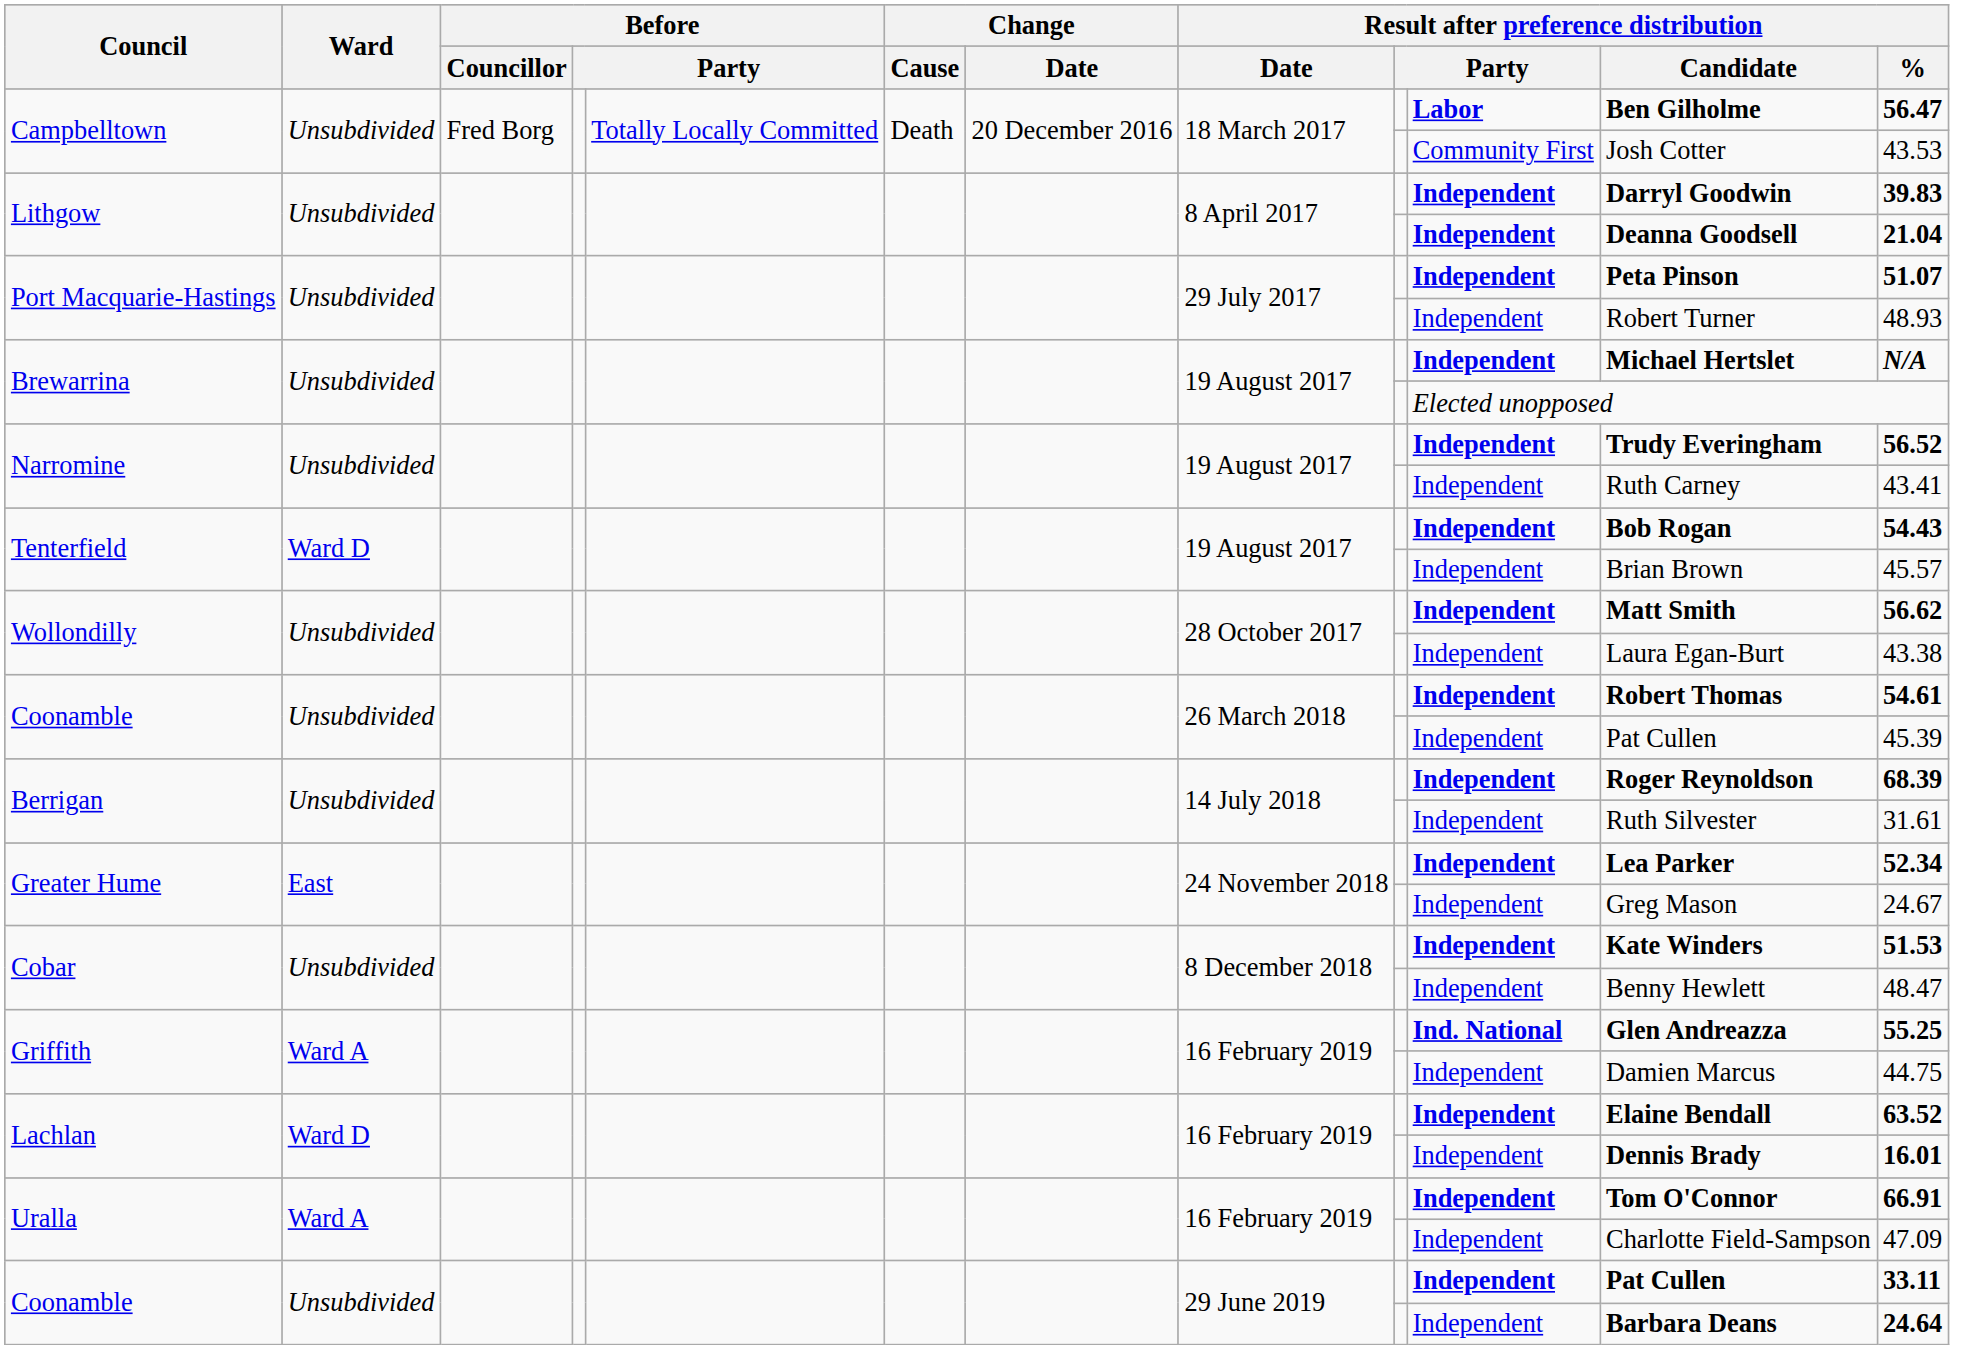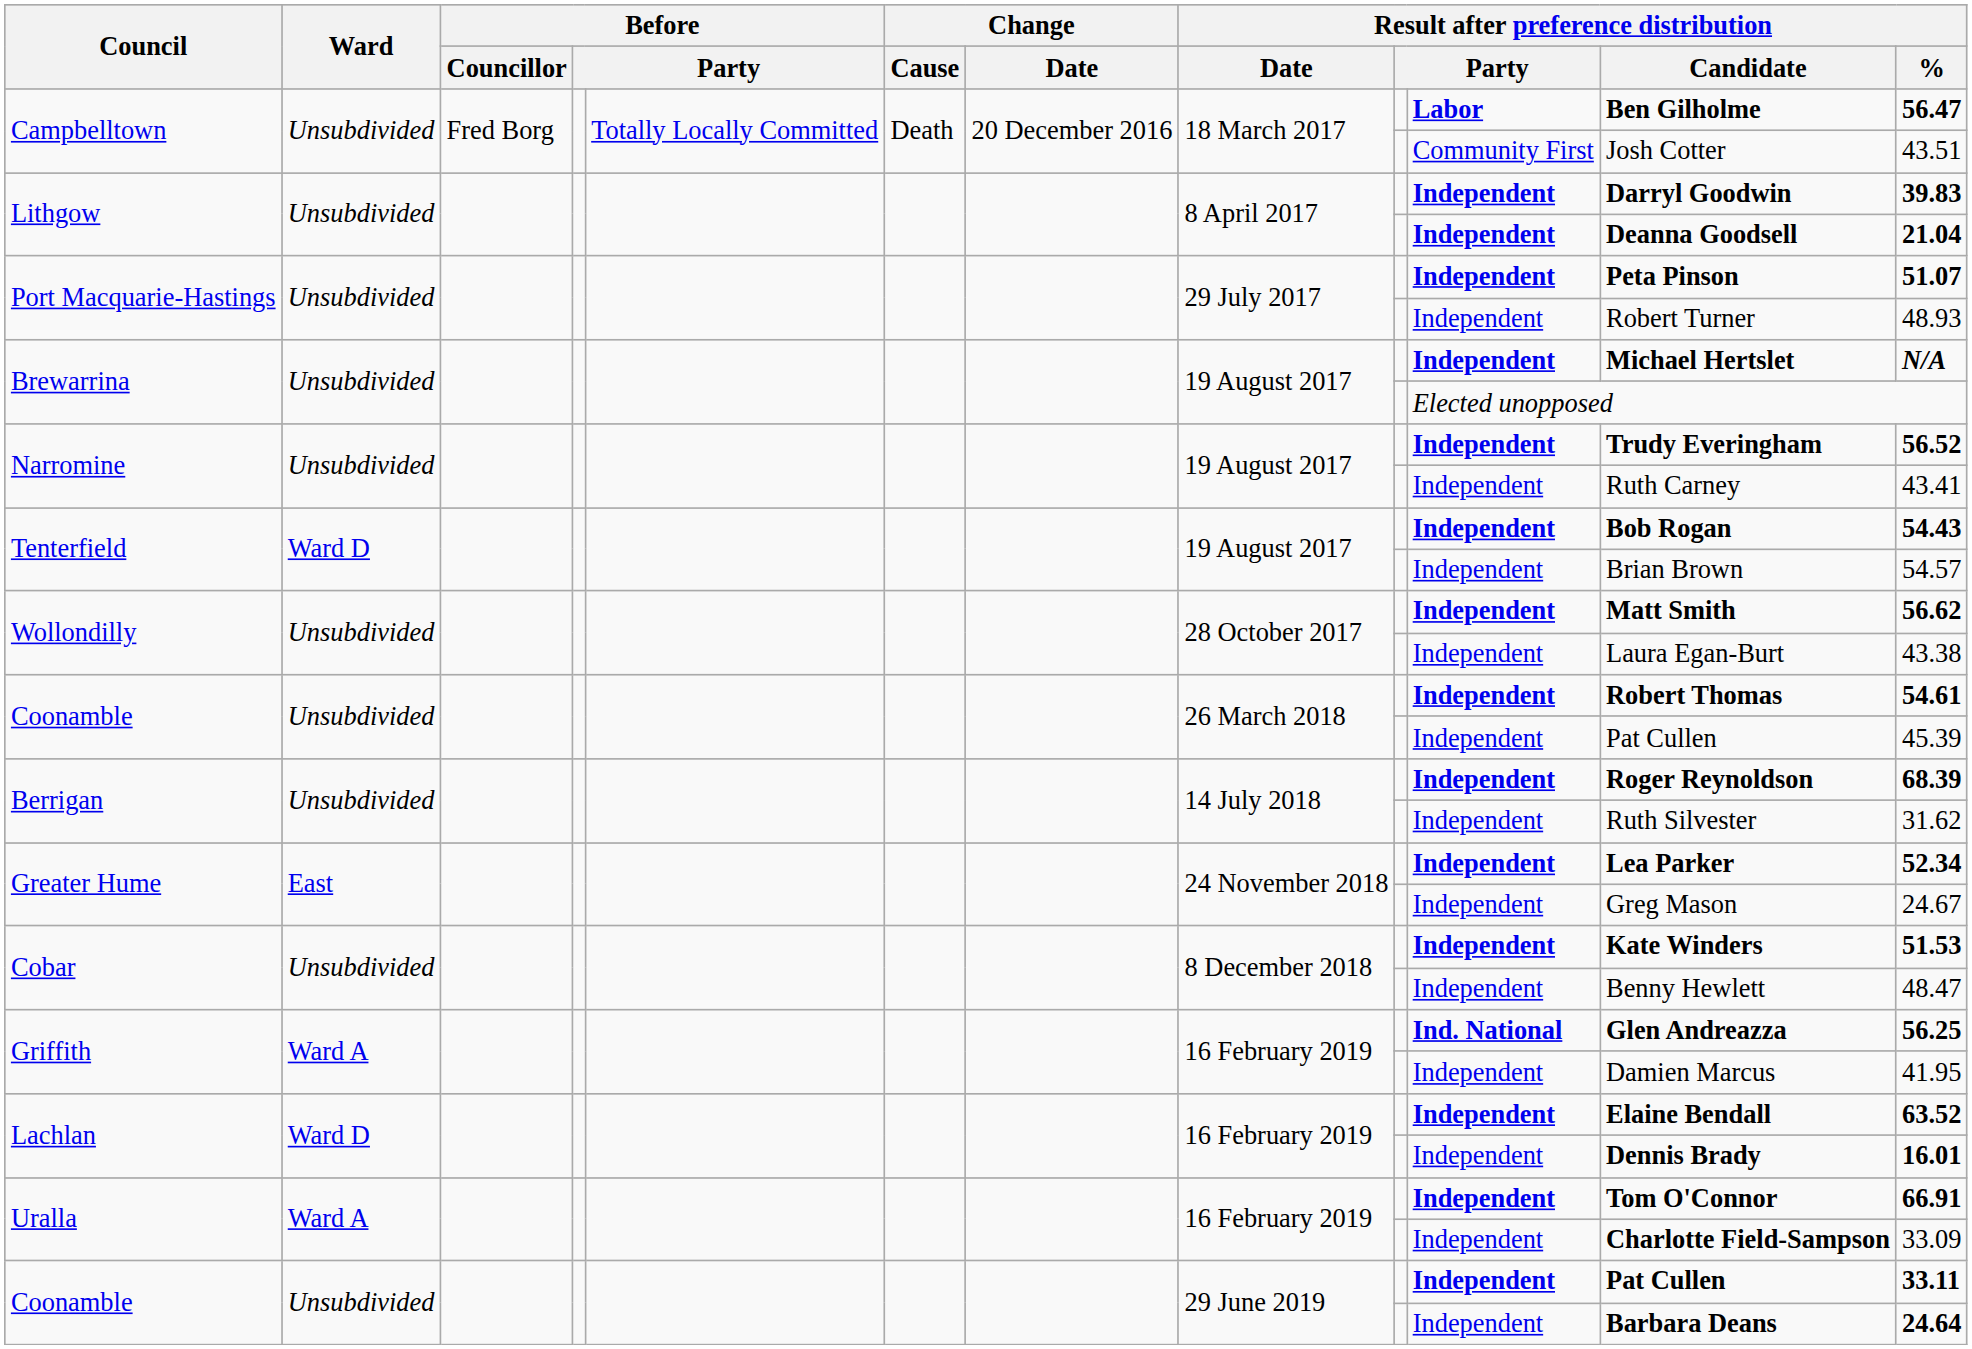 <table class="wikitable sortable" style="border: none;">
 <tr>
 <th rowspan="2">Council</th>
 <th rowspan="2">Ward</th>
 <th colspan="3">Before</th>
 <th colspan="2">Change</th>
 <th colspan="7">Result after <a href='#'>preference distribution</a></th>
 </tr>
 <tr>
 <th>Councillor</th>
 <th colspan="2">Party</th>
 <th>Cause</th>
 <th>Date</th>
 <th>Date</th>
 <th colspan="2">Party</th>
 <th>Candidate</th>
 <th>%</th>
 </tr>
 <tr>
 <td rowspan="2"><a href='#'>Campbelltown</a></td>
 <td rowspan="2"><em>Unsubdivided</em></td>
 <td rowspan="2">Fred Borg</td>
 <td rowspan="2" ></td>
 <td rowspan="2"><a href='#'>Totally Locally Committed</a></td>
 <td rowspan="2">Death</td>
 <td rowspan="2">20 December 2016</td>
 <td rowspan="2">18 March 2017</td>
 <td></td>
 <td><strong><a href='#'>Labor</a> </strong></td>
 <td><strong>Ben Gilholme</strong></td>
 <td><strong>56.47</strong></td>
 </tr>
 <tr>
 <td></td>
 <td><a href='#'>Community First</a></td>
 <td>Josh Cotter</td>
-<td>43.53</td>
+<td>43.51</td>
 </tr>
 <tr>
 <td rowspan="2"><a href='#'>Lithgow</a></td>
 <td rowspan="2"><em>Unsubdivided</em></td>
 <td rowspan="2"></td>
 <td rowspan="2" ></td>
 <td rowspan="2"></td>
 <td rowspan="2"></td>
 <td rowspan="2"></td>
 <td rowspan="2">8 April 2017</td>
 <td></td>
 <td><strong><a href='#'>Independent</a></strong></td>
 <td><strong>Darryl Goodwin</strong></td>
 <td><strong>39.83</strong></td>
 </tr>
 <tr>
 <td></td>
 <td><strong><a href='#'>Independent</a></strong></td>
 <td><strong>Deanna Goodsell</strong></td>
 <td><strong>21.04</strong></td>
 </tr>
 <tr>
 <td rowspan="2"><a href='#'>Port Macquarie-Hastings</a></td>
 <td rowspan="2"><em>Unsubdivided</em></td>
 <td rowspan="2"></td>
 <td rowspan="2" ></td>
 <td rowspan="2"></td>
 <td rowspan="2"></td>
 <td rowspan="2"></td>
 <td rowspan="2">29 July 2017</td>
 <td></td>
 <td><strong><a href='#'>Independent</a></strong></td>
 <td><strong>Peta Pinson</strong></td>
 <td><strong>51.07</strong></td>
 </tr>
 <tr>
 <td></td>
 <td><a href='#'>Independent</a></td>
 <td>Robert Turner</td>
 <td>48.93</td>
 </tr>
 <tr>
 <td rowspan="2"><a href='#'>Brewarrina</a></td>
 <td rowspan="2"><em>Unsubdivided</em></td>
 <td rowspan="2"></td>
 <td rowspan="2" ></td>
 <td rowspan="2"></td>
 <td rowspan="2"></td>
 <td rowspan="2"></td>
 <td rowspan="2">19 August 2017</td>
 <td></td>
 <td><strong><a href='#'>Independent</a></strong></td>
 <td><strong>Michael Hertslet</strong></td>
 <td><strong><em>N/A</em></strong></td>
 </tr>
 <tr>
 <td></td>
 <td colspan="3"><em>Elected unopposed</em></td>
 </tr>
 <tr>
 <td rowspan="2"><a href='#'>Narromine</a></td>
 <td rowspan="2"><em>Unsubdivided</em></td>
 <td rowspan="2"></td>
 <td rowspan="2" ></td>
 <td rowspan="2"></td>
 <td rowspan="2"></td>
 <td rowspan="2"></td>
 <td rowspan="2">19 August 2017</td>
 <td></td>
 <td><strong><a href='#'>Independent</a></strong></td>
 <td><strong>Trudy Everingham</strong></td>
 <td><strong>56.52</strong></td>
 </tr>
 <tr>
 <td></td>
 <td><a href='#'>Independent</a></td>
 <td>Ruth Carney</td>
 <td>43.41</td>
 </tr>
 <tr>
 <td rowspan="2"><a href='#'>Tenterfield</a></td>
 <td rowspan="2"><a href='#'>Ward D</a></td>
 <td rowspan="2"></td>
 <td rowspan="2" ></td>
 <td rowspan="2"></td>
 <td rowspan="2"></td>
 <td rowspan="2"></td>
 <td rowspan="2">19 August 2017</td>
 <td></td>
 <td><strong><a href='#'>Independent</a></strong></td>
 <td><strong>Bob Rogan</strong></td>
 <td><strong>54.43</strong></td>
 </tr>
 <tr>
 <td></td>
 <td><a href='#'>Independent</a></td>
 <td>Brian Brown</td>
-<td>45.57</td>
+<td>54.57</td>
 </tr>
 <tr>
 <td rowspan="2"><a href='#'>Wollondilly</a></td>
 <td rowspan="2"><em>Unsubdivided</em></td>
 <td rowspan="2"></td>
 <td rowspan="2" ></td>
 <td rowspan="2"></td>
 <td rowspan="2"></td>
 <td rowspan="2"></td>
 <td rowspan="2">28 October 2017</td>
 <td></td>
 <td><strong><a href='#'>Independent</a></strong></td>
 <td><strong>Matt Smith</strong></td>
 <td><strong>56.62</strong></td>
 </tr>
 <tr>
 <td></td>
 <td><a href='#'>Independent</a></td>
 <td>Laura Egan-Burt</td>
 <td>43.38</td>
 </tr>
 <tr>
 <td rowspan="2"><a href='#'>Coonamble</a></td>
 <td rowspan="2"><em>Unsubdivided</em></td>
 <td rowspan="2"></td>
 <td rowspan="2" ></td>
 <td rowspan="2"></td>
 <td rowspan="2"></td>
 <td rowspan="2"></td>
 <td rowspan="2">26 March 2018</td>
 <td></td>
 <td><strong><a href='#'>Independent</a></strong></td>
 <td><strong>Robert Thomas</strong></td>
 <td><strong>54.61</strong></td>
 </tr>
 <tr>
 <td></td>
 <td><a href='#'>Independent</a></td>
 <td>Pat Cullen</td>
 <td>45.39</td>
 </tr>
 <tr>
 <td rowspan="2"><a href='#'>Berrigan</a></td>
 <td rowspan="2"><em>Unsubdivided</em></td>
 <td rowspan="2"></td>
 <td rowspan="2" ></td>
 <td rowspan="2"></td>
 <td rowspan="2"></td>
 <td rowspan="2"></td>
 <td rowspan="2">14 July 2018</td>
 <td></td>
 <td><strong><a href='#'>Independent</a></strong></td>
 <td><strong>Roger Reynoldson</strong></td>
 <td><strong>68.39</strong></td>
 </tr>
 <tr>
 <td></td>
 <td><a href='#'>Independent</a></td>
 <td>Ruth Silvester</td>
-<td>31.61</td>
+<td>31.62</td>
 </tr>
 <tr>
 <td rowspan="2"><a href='#'>Greater Hume</a></td>
 <td rowspan="2"><a href='#'>East</a></td>
 <td rowspan="2"></td>
 <td rowspan="2" ></td>
 <td rowspan="2"></td>
 <td rowspan="2"></td>
 <td rowspan="2"></td>
 <td rowspan="2">24 November 2018</td>
 <td></td>
 <td><strong><a href='#'>Independent</a></strong></td>
 <td><strong>Lea Parker</strong></td>
 <td><strong>52.34</strong></td>
 </tr>
 <tr>
 <td></td>
 <td><a href='#'>Independent</a></td>
 <td>Greg Mason</td>
 <td>24.67</td>
 </tr>
 <tr>
 <td rowspan="2"><a href='#'>Cobar</a></td>
 <td rowspan="2"><em>Unsubdivided</em></td>
 <td rowspan="2"></td>
 <td rowspan="2" ></td>
 <td rowspan="2"></td>
 <td rowspan="2"></td>
 <td rowspan="2"></td>
 <td rowspan="2">8 December 2018</td>
 <td></td>
 <td><strong><a href='#'>Independent</a></strong></td>
 <td><strong>Kate Winders</strong></td>
 <td><strong>51.53</strong></td>
 </tr>
 <tr>
 <td></td>
 <td><a href='#'>Independent</a></td>
 <td>Benny Hewlett</td>
 <td>48.47</td>
 </tr>
 <tr>
 <td rowspan="2"><a href='#'>Griffith</a></td>
 <td rowspan="2"><a href='#'>Ward A</a></td>
 <td rowspan="2"></td>
 <td rowspan="2" ></td>
 <td rowspan="2"></td>
 <td rowspan="2"></td>
 <td rowspan="2"></td>
 <td rowspan="2">16 February 2019</td>
 <td></td>
 <td><strong><a href='#'>Ind. National</a></strong></td>
 <td><strong>Glen Andreazza</strong></td>
-<td><strong>55.25</strong></td>
+<td><strong>56.25</strong></td>
 </tr>
 <tr>
 <td></td>
 <td><a href='#'>Independent</a></td>
 <td>Damien Marcus</td>
-<td>44.75</td>
+<td>41.95</td>
 </tr>
 <tr>
 <td rowspan="2"><a href='#'>Lachlan</a></td>
 <td rowspan="2"><a href='#'>Ward D</a></td>
 <td rowspan="2"></td>
 <td rowspan="2" ></td>
 <td rowspan="2"></td>
 <td rowspan="2"></td>
 <td rowspan="2"></td>
 <td rowspan="2">16 February 2019</td>
 <td></td>
 <td><strong><a href='#'>Independent</a></strong></td>
 <td><strong>Elaine Bendall</strong></td>
 <td><strong>63.52</strong></td>
 </tr>
 <tr>
 <td></td>
 <td><a href='#'>Independent</a></td>
 <td><strong>Dennis Brady</strong></td>
 <td><strong>16.01</strong></td>
 </tr>
 <tr>
 <td rowspan="2"><a href='#'>Uralla</a></td>
 <td rowspan="2"><a href='#'>Ward A</a></td>
 <td rowspan="2"></td>
 <td rowspan="2" ></td>
 <td rowspan="2"></td>
 <td rowspan="2"></td>
 <td rowspan="2"></td>
 <td rowspan="2">16 February 2019</td>
 <td></td>
 <td><strong><a href='#'>Independent</a></strong></td>
 <td><strong>Tom O'Connor</strong></td>
 <td><strong>66.91</strong></td>
 </tr>
 <tr>
 <td></td>
 <td><a href='#'>Independent</a></td>
-<td>Charlotte Field-Sampson</td>
-<td>47.09</td>
+<td><strong>Charlotte Field-Sampson</strong></td>
+<td>33.09</td>
 </tr>
 <tr>
 <td rowspan="2"><a href='#'>Coonamble</a></td>
 <td rowspan="2"><em>Unsubdivided</em></td>
 <td rowspan="2"></td>
 <td rowspan="2" ></td>
 <td rowspan="2"></td>
 <td rowspan="2"></td>
 <td rowspan="2"></td>
 <td rowspan="2">29 June 2019</td>
 <td></td>
 <td><strong><a href='#'>Independent</a></strong></td>
 <td><strong>Pat Cullen</strong></td>
 <td><strong>33.11</strong></td>
 </tr>
 <tr>
 <td></td>
 <td><a href='#'>Independent</a></td>
 <td><strong>Barbara Deans</strong></td>
 <td><strong>24.64</strong></td>
 </tr>
 </table>
